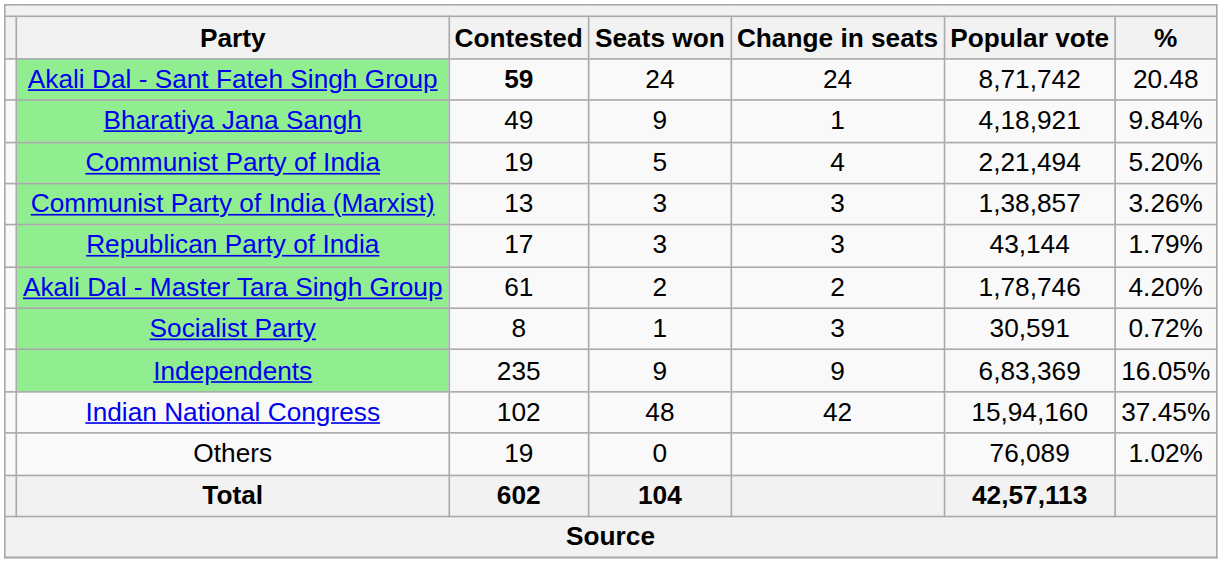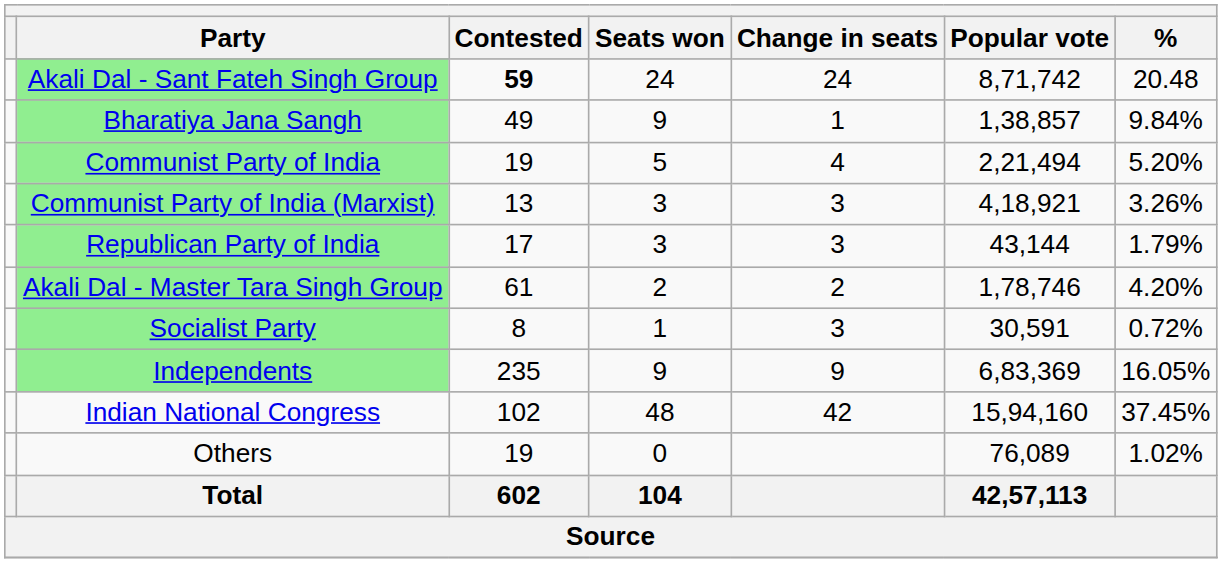 <table class="wikitable" style="text-align:center">
 <tr>
 <th colspan=10></th>
 </tr>
 <tr>
 <th></th>
 <th>Party</th>
 <th>Contested</th>
 <th>Seats won</th>
 <th>Change in seats</th>
 <th>Popular vote</th>
 <th>%</th>
 </tr>
 <tr>
 <td></td>
 <td style="background:#90EE90;"><a href='#'>Akali Dal - Sant Fateh Singh Group</a></td>
 <td><strong>59</strong></td>
 <td>24</td>
 <td> 24</td>
 <td>8,71,742</td>
 <td>20.48</td>
 </tr>
 <tr>
 <td></td>
 <td style="background:#90EE90;"><a href='#'>Bharatiya Jana Sangh</a></td>
 <td>49</td>
 <td>9</td>
 <td> 1</td>
-<td>4,18,921</td>
+<td>1,38,857</td>
 <td>9.84%</td>
 </tr>
 <tr>
 <td></td>
 <td style="background:#90EE90;"><a href='#'>Communist Party of India</a></td>
 <td>19</td>
 <td>5</td>
 <td> 4</td>
 <td>2,21,494</td>
 <td>5.20%</td>
 </tr>
 <tr>
 <td></td>
 <td style="background:#90EE90;"><a href='#'>Communist Party of India (Marxist)</a></td>
 <td>13</td>
 <td>3</td>
 <td> 3</td>
-<td>1,38,857</td>
+<td>4,18,921</td>
 <td>3.26%</td>
 </tr>
 <tr>
 <td></td>
 <td style="background:#90EE90;"><a href='#'>Republican Party of India</a></td>
 <td>17</td>
 <td>3</td>
 <td> 3</td>
 <td>43,144</td>
 <td>1.79%</td>
 </tr>
 <tr>
 <td></td>
 <td style="background:#90EE90;"><a href='#'>Akali Dal - Master Tara Singh Group</a></td>
 <td>61</td>
 <td>2</td>
 <td> 2</td>
 <td>1,78,746</td>
 <td>4.20%</td>
 </tr>
 <tr>
 <td></td>
 <td style="background:#90EE90;"><a href='#'>Socialist Party</a></td>
 <td>8</td>
 <td>1</td>
 <td> 3</td>
 <td>30,591</td>
 <td>0.72%</td>
 </tr>
 <tr>
 <td></td>
 <td style="background:#90EE90;"><a href='#'>Independents</a></td>
 <td>235</td>
 <td>9</td>
 <td> 9</td>
 <td>6,83,369</td>
 <td>16.05%</td>
 </tr>
 <tr>
 <td></td>
 <td><a href='#'>Indian National Congress</a></td>
 <td>102</td>
 <td>48</td>
 <td> 42</td>
 <td>15,94,160</td>
 <td>37.45%</td>
 </tr>
 <tr>
 <td></td>
 <td>Others</td>
 <td>19</td>
 <td>0</td>
 <td></td>
 <td>76,089</td>
 <td>1.02%</td>
 </tr>
 <tr>
 <th></th>
 <th>Total</th>
 <th>602</th>
 <th>104</th>
 <th></th>
 <th>42,57,113</th>
 <th></th>
 </tr>
 <tr>
 <th colspan=7>Source</th>
 </tr>
 <tr>
 </tr>
 </table>
